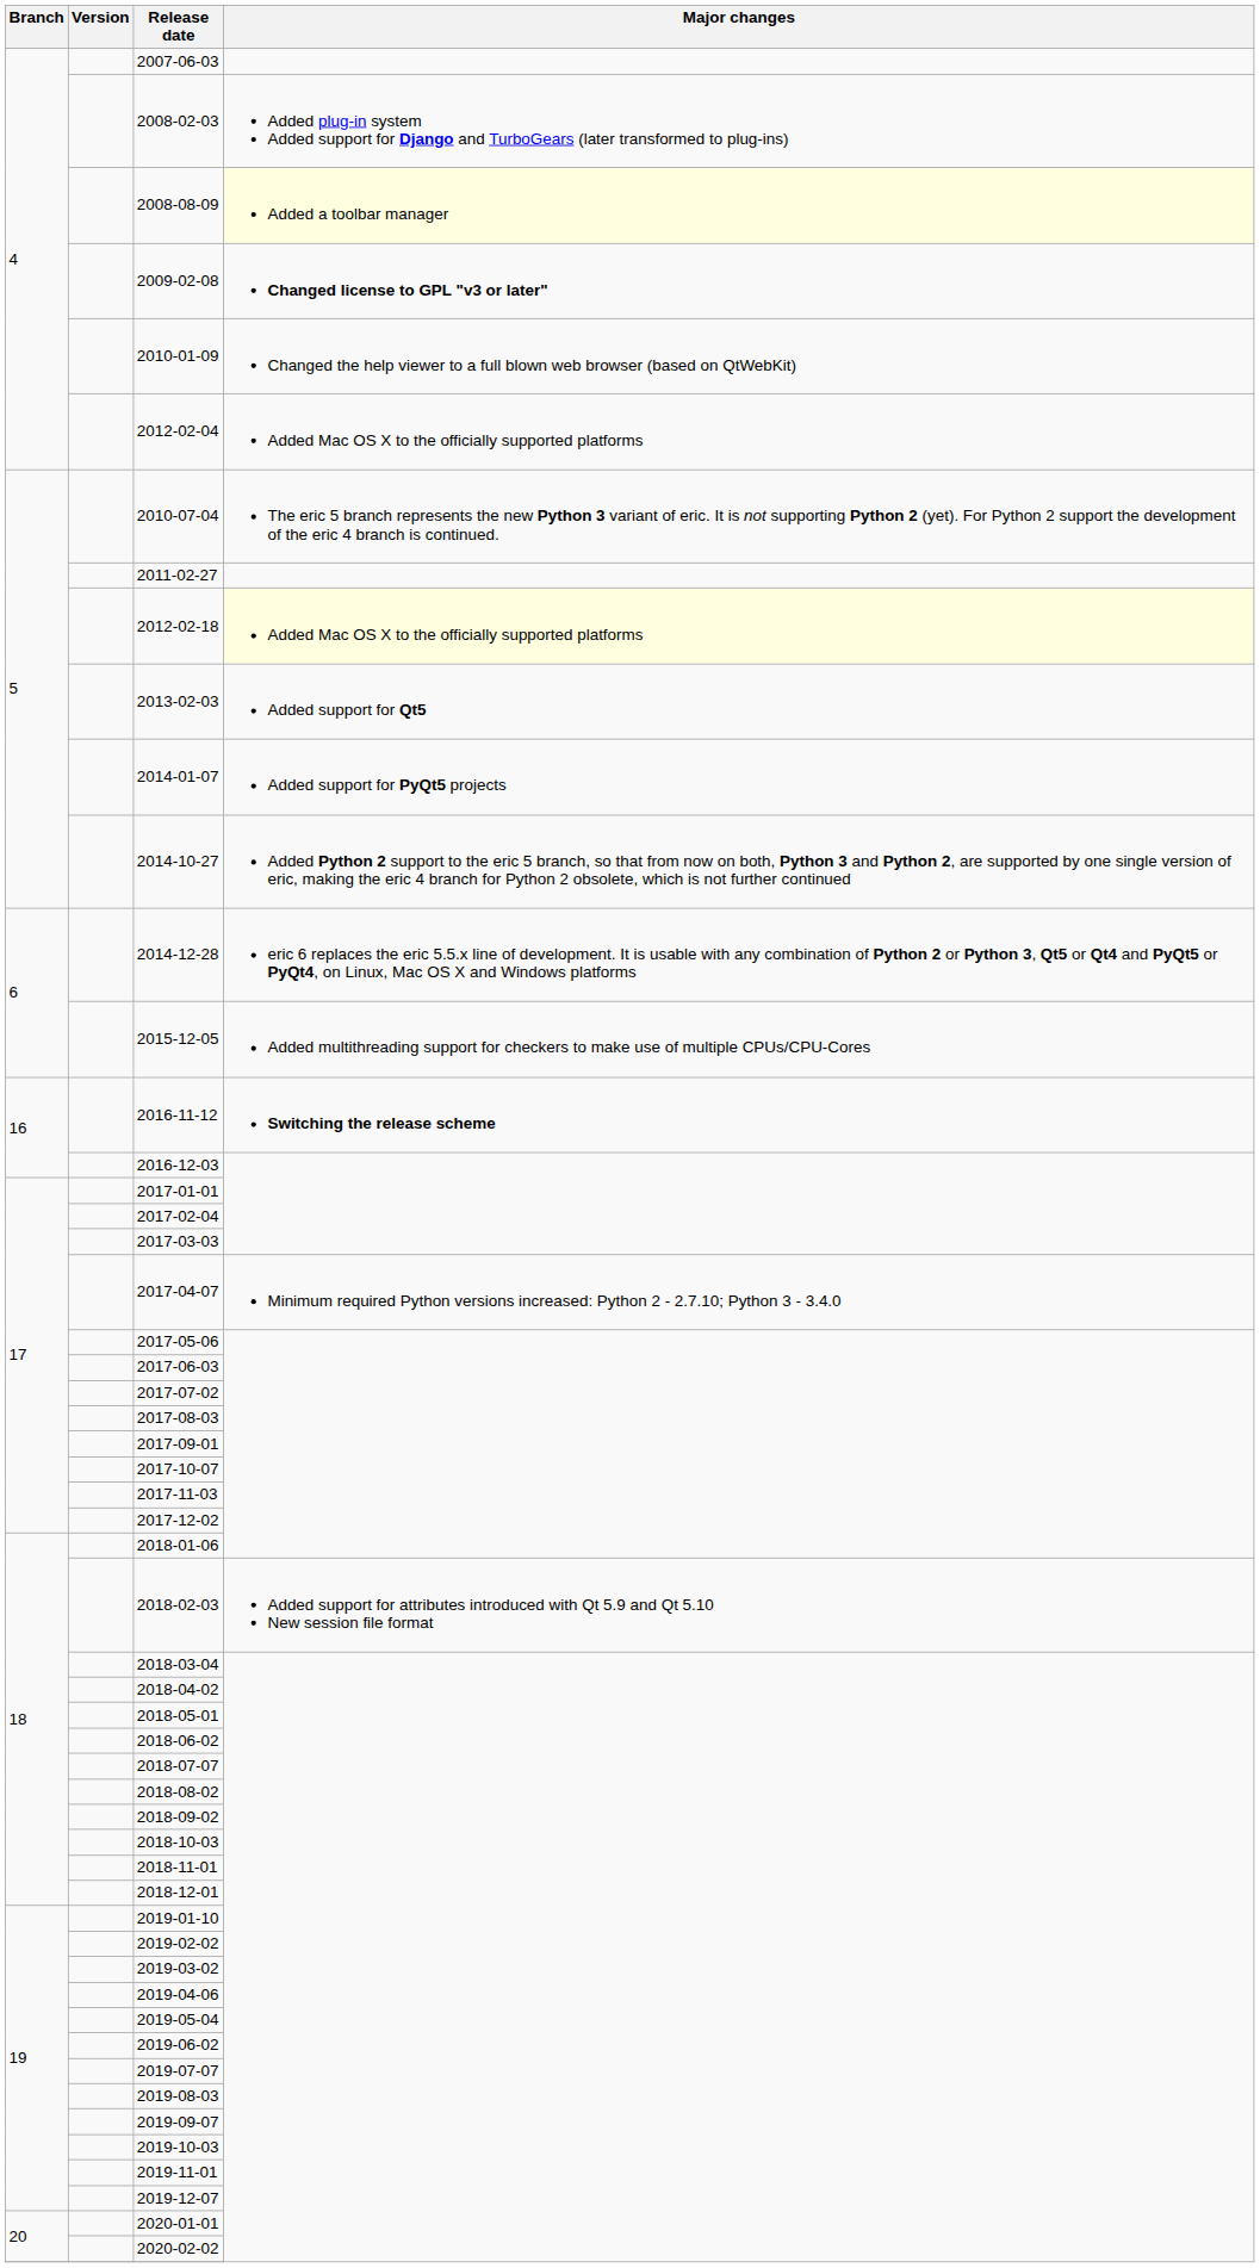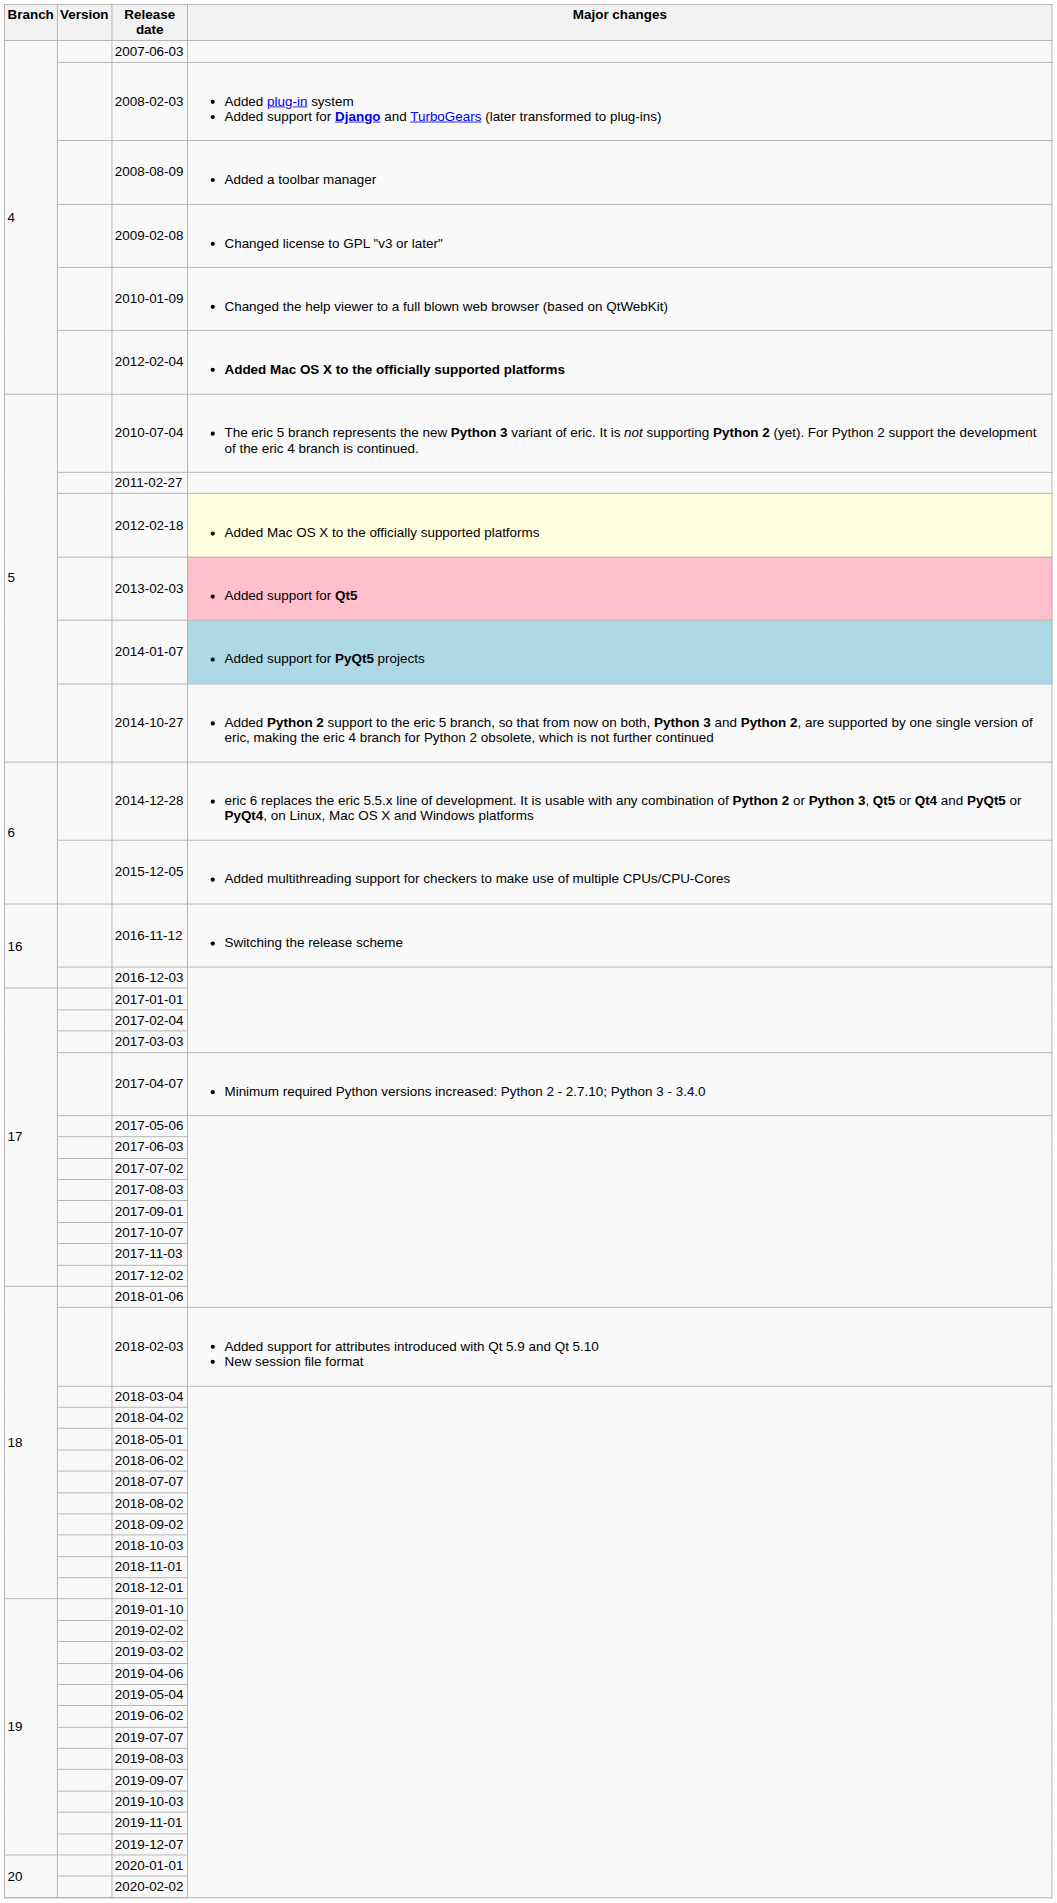 <table class="wikitable sortable">
 <tr style="background-color: #ececec;" valign="top"|>
 <th>Branch</th>
 <th>Version</th>
 <th>Release date</th>
 <th>Major changes</th>
 </tr>
 <tr>
 <td rowspan=6>4</td>
 <td></td>
 <td>2007-06-03</td>
 <td></td>
 </tr>
 <tr>
 <td></td>
 <td>2008-02-03</td>
 <td><br><ul><li>Added <a href='#'>plug-in</a> system</li><li>Added support for <a href='#'><strong>Django</strong></a> and <a href='#'>TurboGears</a> (later transformed to plug-ins)</li></ul></td>
 </tr>
 <tr>
 <td></td>
 <td>2008-08-09</td>
-<td style="background: lightyellow;"><br><ul><li>Added a toolbar manager</li></ul></td>
+<td><br><ul><li>Added a toolbar manager</li></ul></td>
 </tr>
 <tr>
 <td></td>
 <td>2009-02-08</td>
-<td><strong><br><ul><li>Changed license to GPL "v3 or later"</li></ul></strong></td>
+<td><br><ul><li>Changed license to GPL "v3 or later"</li></ul></td>
 </tr>
 <tr>
 <td></td>
 <td>2010-01-09</td>
 <td><br><ul><li>Changed the help viewer to a full blown web browser (based on QtWebKit)</li></ul></td>
 </tr>
 <tr>
 <td></td>
 <td>2012-02-04</td>
-<td><br><ul><li>Added Mac OS X to the officially supported platforms</li></ul></td>
+<td><strong><br><ul><li>Added Mac OS X to the officially supported platforms</li></ul></strong></td>
 </tr>
 <tr>
 <td rowspan=6>5</td>
 <td></td>
 <td>2010-07-04</td>
 <td><br><ul><li>The eric 5 branch represents the new <strong>Python 3</strong> variant of eric. It is <em>not</em> supporting <strong>Python 2</strong> (yet). For Python 2 support the development of the eric 4 branch is continued.</li></ul></td>
 </tr>
 <tr>
 <td></td>
 <td>2011-02-27</td>
 <td></td>
 </tr>
 <tr>
 <td></td>
 <td>2012-02-18</td>
 <td style="background: lightyellow;"><br><ul><li>Added Mac OS X to the officially supported platforms</li></ul></td>
 </tr>
 <tr>
 <td></td>
 <td>2013-02-03</td>
-<td><br><ul><li>Added support for <strong>Qt5</strong></li></ul></td>
+<td style="background: pink;"><br><ul><li>Added support for <strong>Qt5</strong></li></ul></td>
 </tr>
 <tr>
 <td></td>
 <td>2014-01-07</td>
-<td><br><ul><li>Added support for <strong>PyQt5</strong> projects</li></ul></td>
+<td style="background: lightblue;"><br><ul><li>Added support for <strong>PyQt5</strong> projects</li></ul></td>
 </tr>
 <tr>
 <td></td>
 <td>2014-10-27</td>
 <td><br><ul><li>Added <strong>Python 2</strong> support to the eric 5 branch, so that from now on both, <strong>Python 3</strong> and <strong>Python 2</strong>, are supported by one single version of eric, making the eric 4 branch for Python 2 obsolete, which is not further continued</li></ul></td>
 </tr>
 <tr>
 <td rowspan=2>6</td>
 <td></td>
 <td>2014-12-28</td>
 <td><br><ul><li>eric 6 replaces the eric 5.5.x line of development. It is usable with any combination of <strong>Python 2</strong> or <strong>Python 3</strong>, <strong>Qt5</strong> or <strong>Qt4</strong> and <strong>PyQt5</strong> or <strong>PyQt4</strong>, on Linux, Mac OS X and Windows platforms</li></ul></td>
 </tr>
 <tr>
 <td></td>
 <td>2015-12-05</td>
 <td><br><ul><li>Added multithreading support for checkers to make use of multiple CPUs/CPU-Cores</li></ul></td>
 </tr>
 <tr>
 <td rowspan=2>16</td>
 <td></td>
 <td>2016-11-12</td>
-<td><strong><br><ul><li>Switching the release scheme</li></ul></strong></td>
+<td><br><ul><li>Switching the release scheme</li></ul></td>
 </tr>
 <tr>
 <td></td>
 <td>2016-12-03</td>
 </tr>
 <tr>
 <td rowspan=12>17</td>
 <td></td>
 <td>2017-01-01</td>
 </tr>
 <tr>
 <td></td>
 <td>2017-02-04</td>
 </tr>
 <tr>
 <td></td>
 <td>2017-03-03</td>
 </tr>
 <tr>
 <td></td>
 <td>2017-04-07</td>
 <td><br><ul><li>Minimum required Python versions increased: Python 2 - 2.7.10; Python 3 - 3.4.0</li></ul></td>
 </tr>
 <tr>
 <td></td>
 <td>2017-05-06</td>
 </tr>
 <tr>
 <td></td>
 <td>2017-06-03</td>
 </tr>
 <tr>
 <td></td>
 <td>2017-07-02</td>
 </tr>
 <tr>
 <td></td>
 <td>2017-08-03</td>
 </tr>
 <tr>
 <td></td>
 <td>2017-09-01</td>
 </tr>
 <tr>
 <td></td>
 <td>2017-10-07</td>
 </tr>
 <tr>
 <td></td>
 <td>2017-11-03</td>
 </tr>
 <tr>
 <td></td>
 <td>2017-12-02</td>
 </tr>
 <tr>
 <td rowspan=12>18</td>
 <td></td>
 <td>2018-01-06</td>
 </tr>
 <tr>
 <td></td>
 <td>2018-02-03</td>
 <td><br><ul><li>Added support for attributes introduced with Qt 5.9 and Qt 5.10</li><li>New session file format</li></ul></td>
 </tr>
 <tr>
 <td></td>
 <td>2018-03-04</td>
 </tr>
 <tr>
 <td></td>
 <td>2018-04-02</td>
 </tr>
 <tr>
 <td></td>
 <td>2018-05-01</td>
 </tr>
 <tr>
 <td></td>
 <td>2018-06-02</td>
 </tr>
 <tr>
 <td></td>
 <td>2018-07-07</td>
 </tr>
 <tr>
 <td></td>
 <td>2018-08-02</td>
 </tr>
 <tr>
 <td></td>
 <td>2018-09-02</td>
 </tr>
 <tr>
 <td></td>
 <td>2018-10-03</td>
 </tr>
 <tr>
 <td></td>
 <td>2018-11-01</td>
 </tr>
 <tr>
 <td></td>
 <td>2018-12-01</td>
 </tr>
 <tr>
 <td rowspan=12>19</td>
 <td></td>
 <td>2019-01-10</td>
 </tr>
 <tr>
 <td></td>
 <td>2019-02-02</td>
 </tr>
 <tr>
 <td></td>
 <td>2019-03-02</td>
 </tr>
 <tr>
 <td></td>
 <td>2019-04-06</td>
 </tr>
 <tr>
 <td></td>
 <td>2019-05-04</td>
 </tr>
 <tr>
 <td></td>
 <td>2019-06-02</td>
 </tr>
 <tr>
 <td></td>
 <td>2019-07-07</td>
 </tr>
 <tr>
 <td></td>
 <td>2019-08-03</td>
 </tr>
 <tr>
 <td></td>
 <td>2019-09-07</td>
 </tr>
 <tr>
 <td></td>
 <td>2019-10-03</td>
 </tr>
 <tr>
 <td></td>
 <td>2019-11-01</td>
 </tr>
 <tr>
 <td></td>
 <td>2019-12-07</td>
 </tr>
 <tr>
 <td rowspan=2>20</td>
 <td></td>
 <td>2020-01-01</td>
 </tr>
 <tr>
 <td></td>
 <td>2020-02-02</td>
 </tr>
 <tr>
 </tr>
 </table>
